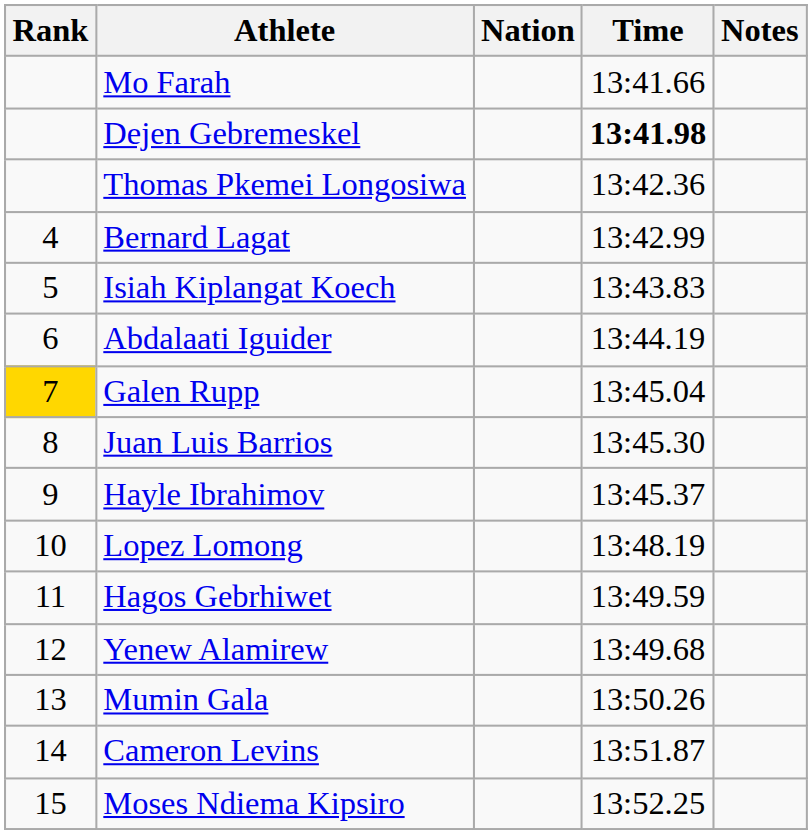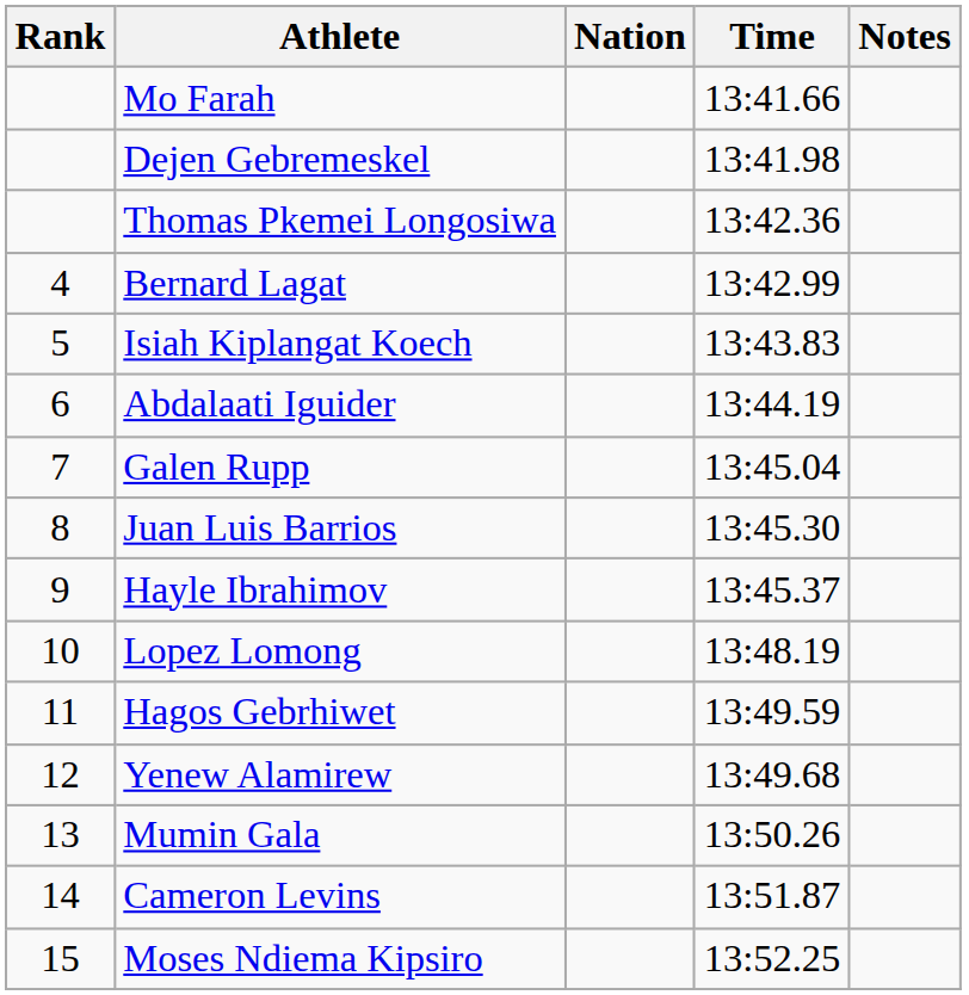 <table class="wikitable sortable" style="text-align:center">
 <tr>
 <th>Rank</th>
 <th>Athlete</th>
 <th>Nation</th>
 <th>Time</th>
 <th>Notes</th>
 </tr>
 <tr>
 <td></td>
 <td align=left><a href='#'>Mo Farah</a></td>
 <td align=left></td>
 <td>13:41.66</td>
 <td></td>
 </tr>
 <tr>
 <td></td>
 <td align=left><a href='#'>Dejen Gebremeskel</a></td>
 <td align=left></td>
-<td><strong>13:41.98</strong></td>
+<td>13:41.98</td>
 <td></td>
 </tr>
 <tr>
 <td></td>
 <td align=left><a href='#'>Thomas Pkemei Longosiwa</a></td>
 <td align=left></td>
 <td>13:42.36</td>
 <td></td>
 </tr>
 <tr>
 <td>4</td>
 <td align=left><a href='#'>Bernard Lagat</a></td>
 <td align=left></td>
 <td>13:42.99</td>
 <td></td>
 </tr>
 <tr>
 <td>5</td>
 <td align=left><a href='#'>Isiah Kiplangat Koech</a></td>
 <td align=left></td>
 <td>13:43.83</td>
 <td></td>
 </tr>
 <tr>
 <td>6</td>
 <td align=left><a href='#'>Abdalaati Iguider</a></td>
 <td align=left></td>
 <td>13:44.19</td>
 <td></td>
 </tr>
 <tr>
-<td style="background: gold;">7</td>
+<td>7</td>
 <td align=left><a href='#'>Galen Rupp</a></td>
 <td align=left></td>
 <td>13:45.04</td>
 <td></td>
 </tr>
 <tr>
 <td>8</td>
 <td align=left><a href='#'>Juan Luis Barrios</a></td>
 <td align=left></td>
 <td>13:45.30</td>
 <td></td>
 </tr>
 <tr>
 <td>9</td>
 <td align=left><a href='#'>Hayle Ibrahimov</a></td>
 <td align=left></td>
 <td>13:45.37</td>
 <td></td>
 </tr>
 <tr>
 <td>10</td>
 <td align=left><a href='#'>Lopez Lomong</a></td>
 <td align=left></td>
 <td>13:48.19</td>
 <td></td>
 </tr>
 <tr>
 <td>11</td>
 <td align=left><a href='#'>Hagos Gebrhiwet</a></td>
 <td align=left></td>
 <td>13:49.59</td>
 <td></td>
 </tr>
 <tr>
 <td>12</td>
 <td align=left><a href='#'>Yenew Alamirew</a></td>
 <td align=left></td>
 <td>13:49.68</td>
 <td></td>
 </tr>
 <tr>
 <td>13</td>
 <td align=left><a href='#'>Mumin Gala</a></td>
 <td align=left></td>
 <td>13:50.26</td>
 <td></td>
 </tr>
 <tr>
 <td>14</td>
 <td align=left><a href='#'>Cameron Levins</a></td>
 <td align=left></td>
 <td>13:51.87</td>
 <td></td>
 </tr>
 <tr>
 <td>15</td>
 <td align=left><a href='#'>Moses Ndiema Kipsiro</a></td>
 <td align=left></td>
 <td>13:52.25</td>
 <td></td>
 </tr>
 <tr>
 </tr>
 </table>
